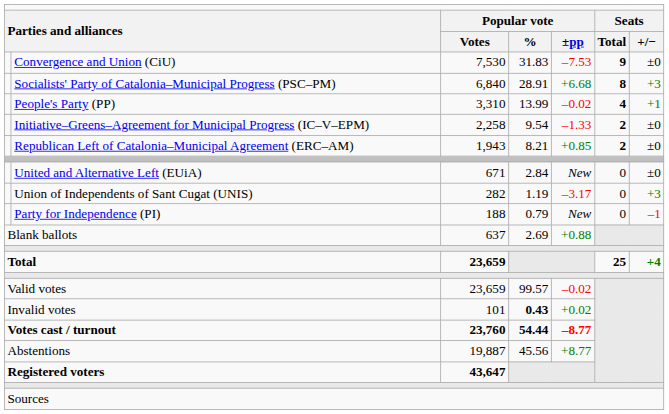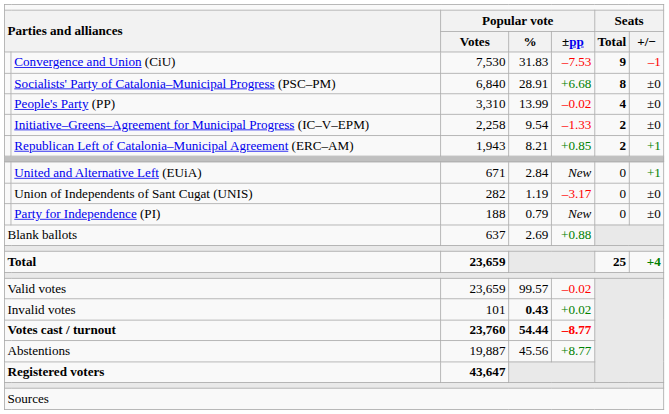 <table class="wikitable" style="text-align:right;">
 <tr>
 <td colspan="7"></td>
 </tr>
 <tr>
 <th style="text-align:left;" rowspan="2" colspan="2" width="525">Parties and alliances</th>
 <th colspan="3">Popular vote</th>
 <th colspan="2">Seats</th>
 </tr>
 <tr>
 <th width="75">Votes</th>
 <th width="45">%</th>
 <th width="45">±<a href='#'>pp</a></th>
 <th width="35">Total</th>
 <th width="35">+/−</th>
 </tr>
 <tr>
 <td width="1" style="color:inherit;background:"></td>
 <td align="left"><a href='#'>Convergence and Union</a> (CiU)</td>
 <td>7,530</td>
 <td>31.83</td>
 <td style="color:red;">–7.53</td>
 <td><strong>9</strong></td>
-<td>±0</td>
+<td style="color:red;">–1</td>
 </tr>
 <tr>
 <td style="color:inherit;background:"></td>
 <td align="left"><a href='#'>Socialists' Party of Catalonia–Municipal Progress</a> (PSC–PM)</td>
 <td>6,840</td>
 <td>28.91</td>
 <td style="color:green;">+6.68</td>
 <td><strong>8</strong></td>
-<td style="color:green;">+3</td>
+<td>±0</td>
 </tr>
 <tr>
 <td style="color:inherit;background:"></td>
 <td align="left"><a href='#'>People's Party</a> (PP)</td>
 <td>3,310</td>
 <td>13.99</td>
 <td style="color:red;">–0.02</td>
 <td><strong>4</strong></td>
-<td style="color:green;">+1</td>
+<td>±0</td>
 </tr>
 <tr>
 <td style="color:inherit;background:"></td>
 <td align="left"><a href='#'>Initiative–Greens–Agreement for Municipal Progress</a> (IC–V–EPM)</td>
 <td>2,258</td>
 <td>9.54</td>
 <td style="color:red;">–1.33</td>
 <td><strong>2</strong></td>
 <td>±0</td>
 </tr>
 <tr>
 <td style="color:inherit;background:"></td>
 <td align="left"><a href='#'>Republican Left of Catalonia–Municipal Agreement</a> (ERC–AM)</td>
 <td>1,943</td>
 <td>8.21</td>
 <td style="color:green;">+0.85</td>
 <td><strong>2</strong></td>
-<td>±0</td>
+<td style="color:green;">+1</td>
 </tr>
 <tr>
 <td colspan="7" style="color:inherit;background:#C0C0C0"></td>
 </tr>
 <tr>
 <td style="color:inherit;background:"></td>
 <td align="left"><a href='#'>United and Alternative Left</a> (EUiA)</td>
 <td>671</td>
 <td>2.84</td>
 <td><em>New</em></td>
 <td>0</td>
-<td>±0</td>
+<td style="color:green;">+1</td>
 </tr>
 <tr>
 <td style="color:inherit;background:"></td>
 <td align="left">Union of Independents of Sant Cugat (UNIS)</td>
 <td>282</td>
 <td>1.19</td>
 <td style="color:red;">–3.17</td>
 <td>0</td>
-<td style="color:green;">+3</td>
+<td>±0</td>
 </tr>
 <tr>
 <td style="color:inherit;background:"></td>
 <td align="left"><a href='#'>Party for Independence</a> (PI)</td>
 <td>188</td>
 <td>0.79</td>
 <td><em>New</em></td>
 <td>0</td>
-<td style="color:red;">–1</td>
+<td>±0</td>
 </tr>
 <tr>
 <td align="left" colspan="2">Blank ballots</td>
 <td>637</td>
 <td>2.69</td>
 <td style="color:green;">+0.88</td>
 <td style="color:inherit;background:#E9E9E9" colspan="2"></td>
 </tr>
 <tr>
 <td colspan="7" style="color:inherit;background:#E9E9E9"></td>
 </tr>
 <tr style="font-weight:bold;">
 <td align="left" colspan="2">Total</td>
 <td>23,659</td>
 <td bgcolor="#E9E9E9" colspan="2"></td>
 <td>25</td>
 <td style="color:green;">+4</td>
 </tr>
 <tr>
 <td colspan="7" style="color:inherit;background:#E9E9E9"></td>
 </tr>
 <tr>
 <td align="left" colspan="2">Valid votes</td>
 <td>23,659</td>
 <td>99.57</td>
 <td style="color:red;">–0.02</td>
 <td bgcolor="#E9E9E9" colspan="2" rowspan="5"></td>
 </tr>
 <tr>
 <td align="left" colspan="2">Invalid votes</td>
 <td>101</td>
 <td><strong>0.43</strong></td>
 <td style="color:green;">+0.02</td>
 </tr>
 <tr style="font-weight:bold;">
 <td align="left" colspan="2">Votes cast / turnout</td>
 <td>23,760</td>
 <td>54.44</td>
 <td style="color:red;">–8.77</td>
 </tr>
 <tr>
 <td align="left" colspan="2">Abstentions</td>
 <td>19,887</td>
 <td>45.56</td>
 <td style="color:green;">+8.77</td>
 </tr>
 <tr style="font-weight:bold;">
 <td align="left" colspan="2">Registered voters</td>
 <td>43,647</td>
 <td bgcolor="#E9E9E9" colspan="2"></td>
 </tr>
 <tr>
 <td colspan="7" style="color:inherit;background:#E9E9E9"></td>
 </tr>
 <tr>
 <td align="left" colspan="7">Sources</td>
 </tr>
 </table>
